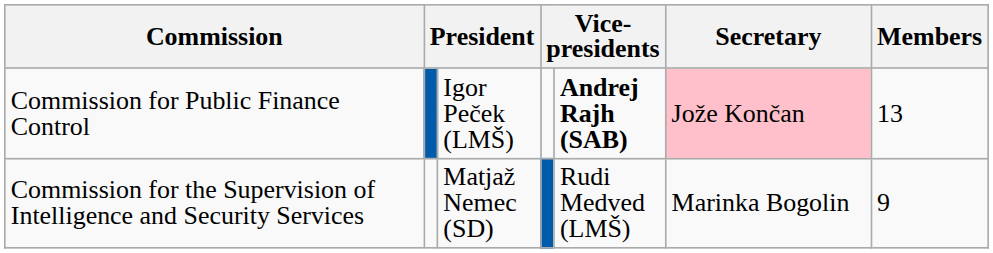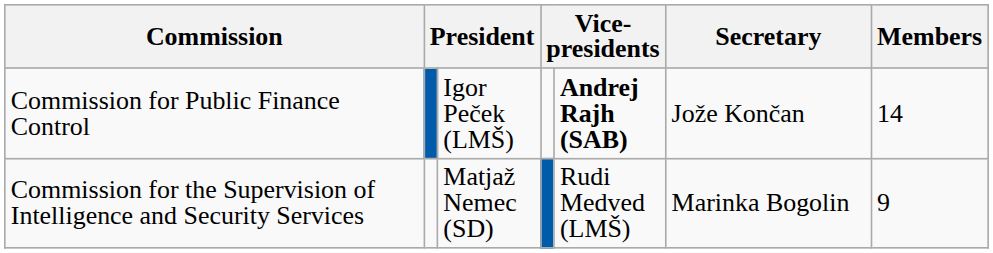 <table class="wikitable" style="line-height:16px;">
 <tr>
 <th style="width:500px;">Commission</th>
 <th colspan="2" style="width:200px;">President</th>
 <th colspan="2" style="width:200px;">Vice-presidents</th>
 <th style="width:200px;">Secretary</th>
 <th>Members</th>
 </tr>
 <tr>
 <td>Commission for Public Finance Control</td>
 <td style="background:#005bab; width:1px;"></td>
 <td>Igor Peček (LMŠ)</td>
 <td style="width:1px; background:"></td>
 <td><strong>Andrej Rajh (SAB)</strong></td>
-<td style="background: pink;">Jože Končan</td>
-<td>13</td>
+<td>Jože Končan</td>
+<td>14</td>
 </tr>
 <tr>
 <td>Commission for the Supervision of Intelligence and Security Services</td>
 <td style="background:"></td>
 <td>Matjaž Nemec (SD)</td>
 <td style="background:#005bab; width:1px;"></td>
 <td>Rudi Medved (LMŠ)</td>
 <td>Marinka Bogolin</td>
 <td>9</td>
 </tr>
 </table>
